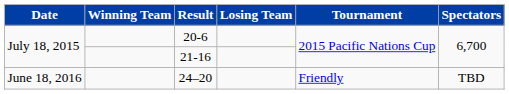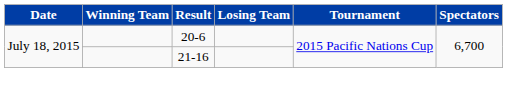 <table class="wikitable">
 <tr>
 <th style="text-align:center;  background:#003DA5; color:#FFFFFF; ">Date</th>
 <th style="text-align:center;  background:#003DA5; color:#FFFFFF; ">Winning Team</th>
 <th style="text-align:center; background:#003DA5; color:#FFFFFF; ">Result</th>
 <th style="text-align:center;  background:#003DA5; color:#FFFFFF; ">Losing Team</th>
 <th style="text-align:center;  background:#003DA5; color:#FFFFFF; ">Tournament</th>
 <th style="text-align:center; background:#003DA5; color:#FFFFFF; ">Spectators</th>
 </tr>
 <tr>
 <td rowspan=2>July 18, 2015</td>
 <td></td>
 <td style="text-align:center;">20-6</td>
 <td></td>
 <td rowspan=2><a href='#'>2015 Pacific Nations Cup</a></td>
 <td rowspan=2 style="text-align:center;">6,700</td>
 </tr>
 <tr>
 <td></td>
 <td style="text-align:center;">21-16</td>
 <td></td>
 </tr>
-<tr>
-<td>June 18, 2016</td>
-<td></td>
-<td style="text-align:center;">24–20</td>
-<td></td>
-<td><a href='#'>Friendly</a></td>
-<td style="text-align:center;">TBD</td>
-</tr>
 </table>
